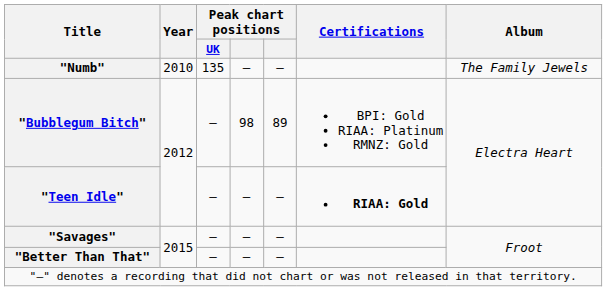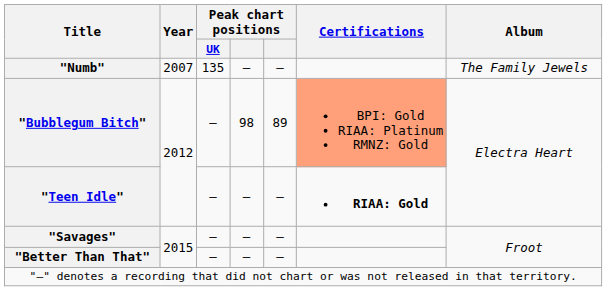 <table class="wikitable plainrowheaders" style="text-align:center;">
 <tr>
 <th scope="col" rowspan="2" style="width:12em;">Title</th>
 <th scope="col" rowspan="2">Year</th>
 <th scope="col" colspan="3">Peak chart positions</th>
 <th scope="col" rowspan="2"><a href='#'>Certifications</a></th>
 <th scope="col" rowspan="2" style="width:12em;">Album</th>
 </tr>
 <tr>
 <th scope="col" style="width:2.5em;font-size:90%;"><a href='#'>UK</a><br></th>
 <th scope="col" style="width:2.5em;font-size:90%;"><a href='#'></a><br></th>
 <th scope="col" style="width:2.5em;font-size:90%;"><a href='#'></a><br></th>
 </tr>
 <tr>
 <th scope="row">"Numb"</th>
-<td>2010</td>
+<td>2007</td>
 <td>135</td>
 <td>—</td>
 <td>—</td>
 <td></td>
 <td><em>The Family Jewels</em></td>
 </tr>
 <tr>
 <th scope="row">"<a href='#'>Bubblegum Bitch</a>"</th>
 <td rowspan="2">2012</td>
 <td>—</td>
 <td>98</td>
 <td>89</td>
-<td><br><ul><li>BPI: Gold</li><li>RIAA: Platinum</li><li>RMNZ: Gold</li></ul></td>
+<td style="background: lightsalmon;"><br><ul><li>BPI: Gold</li><li>RIAA: Platinum</li><li>RMNZ: Gold</li></ul></td>
 <td rowspan="2"><em>Electra Heart</em></td>
 </tr>
 <tr>
 <th scope="row">"<a href='#'>Teen Idle</a>"</th>
 <td>—</td>
 <td>—</td>
 <td>—</td>
 <td><strong><br><ul><li>RIAA: Gold</li></ul></strong></td>
 </tr>
 <tr>
 <th scope="row">"Savages"</th>
 <td rowspan="2">2015</td>
 <td>—</td>
 <td>—</td>
 <td>—</td>
 <td></td>
 <td rowspan="2"><em>Froot</em></td>
 </tr>
 <tr>
 <th scope="row">"Better Than That"</th>
 <td>—</td>
 <td>—</td>
 <td>—</td>
 <td></td>
 </tr>
 <tr>
 <td colspan="7" style="font-size:90%">"—" denotes a recording that did not chart or was not released in that territory.</td>
 </tr>
 </table>
